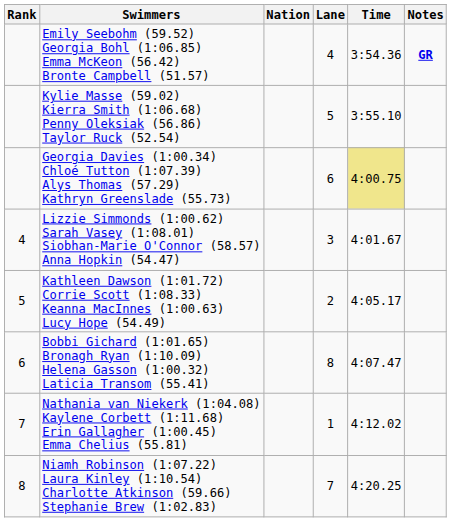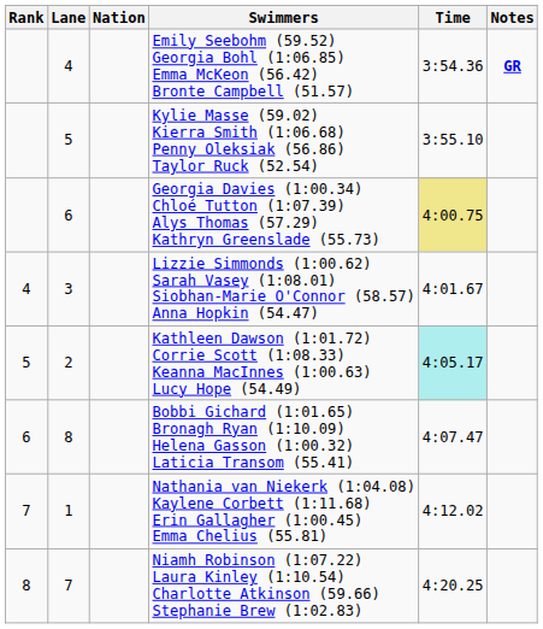 <table class="wikitable sortable" style="text-align:center">
 <tr>
 <th>Rank</th>
+<th>Lane</th>
+<th>Nation</th>
 <th>Swimmers</th>
-<th>Nation</th>
-<th>Lane</th>
 <th>Time</th>
 <th>Notes</th>
 </tr>
 <tr>
 <td></td>
+<td>4</td>
+<td align=left></td>
 <td align=left><a href='#'>Emily Seebohm</a> (59.52)<br><a href='#'>Georgia Bohl</a> (1:06.85)<br><a href='#'>Emma McKeon</a> (56.42)<br><a href='#'>Bronte Campbell</a> (51.57)</td>
-<td align=left></td>
-<td>4</td>
 <td>3:54.36</td>
 <td><strong><a href='#'>GR</a></strong></td>
 </tr>
 <tr>
 <td></td>
+<td>5</td>
+<td align=left></td>
 <td align=left><a href='#'>Kylie Masse</a> (59.02)<br><a href='#'>Kierra Smith</a> (1:06.68)<br><a href='#'>Penny Oleksiak</a> (56.86)<br><a href='#'>Taylor Ruck</a> (52.54)</td>
-<td align=left></td>
-<td>5</td>
 <td>3:55.10</td>
 <td></td>
 </tr>
 <tr>
 <td></td>
+<td>6</td>
+<td align="left"></td>
 <td align=left><a href='#'>Georgia Davies</a> (1:00.34)<br><a href='#'>Chloé Tutton</a> (1:07.39)<br><a href='#'>Alys Thomas</a> (57.29)<br><a href='#'>Kathryn Greenslade</a> (55.73)</td>
-<td align="left"></td>
-<td>6</td>
 <td style="background: khaki;">4:00.75</td>
 <td></td>
 </tr>
 <tr>
 <td>4</td>
+<td>3</td>
+<td align=left></td>
 <td align=left><a href='#'>Lizzie Simmonds</a> (1:00.62)<br><a href='#'>Sarah Vasey</a> (1:08.01)<br><a href='#'>Siobhan-Marie O'Connor</a> (58.57)<br><a href='#'>Anna Hopkin</a> (54.47)</td>
-<td align=left></td>
-<td>3</td>
 <td>4:01.67</td>
 <td></td>
 </tr>
 <tr>
 <td>5</td>
+<td>2</td>
+<td align="left"></td>
 <td align=left><a href='#'>Kathleen Dawson</a> (1:01.72)<br><a href='#'>Corrie Scott</a> (1:08.33)<br><a href='#'>Keanna MacInnes</a> (1:00.63)<br><a href='#'>Lucy Hope</a> (54.49)</td>
-<td align="left"></td>
-<td>2</td>
-<td>4:05.17</td>
+<td style="background: paleturquoise;">4:05.17</td>
 <td></td>
 </tr>
 <tr>
 <td>6</td>
+<td>8</td>
+<td align="left"></td>
 <td align=left><a href='#'>Bobbi Gichard</a> (1:01.65)<br><a href='#'>Bronagh Ryan</a> (1:10.09)<br><a href='#'>Helena Gasson</a> (1:00.32)<br><a href='#'>Laticia Transom</a> (55.41)</td>
-<td align="left"></td>
-<td>8</td>
 <td>4:07.47</td>
 <td></td>
 </tr>
 <tr>
 <td>7</td>
+<td>1</td>
+<td align="left"></td>
 <td align=left><a href='#'>Nathania van Niekerk</a> (1:04.08)<br><a href='#'>Kaylene Corbett</a> (1:11.68)<br><a href='#'>Erin Gallagher</a> (1:00.45)<br><a href='#'>Emma Chelius</a> (55.81)</td>
-<td align="left"></td>
-<td>1</td>
 <td>4:12.02</td>
 <td></td>
 </tr>
 <tr>
 <td>8</td>
+<td>7</td>
+<td align="left"></td>
 <td align=left><a href='#'>Niamh Robinson</a> (1:07.22)<br><a href='#'>Laura Kinley</a> (1:10.54)<br><a href='#'>Charlotte Atkinson</a> (59.66)<br><a href='#'>Stephanie Brew</a> (1:02.83)</td>
-<td align="left"></td>
-<td>7</td>
 <td>4:20.25</td>
 <td></td>
 </tr>
 </table>
